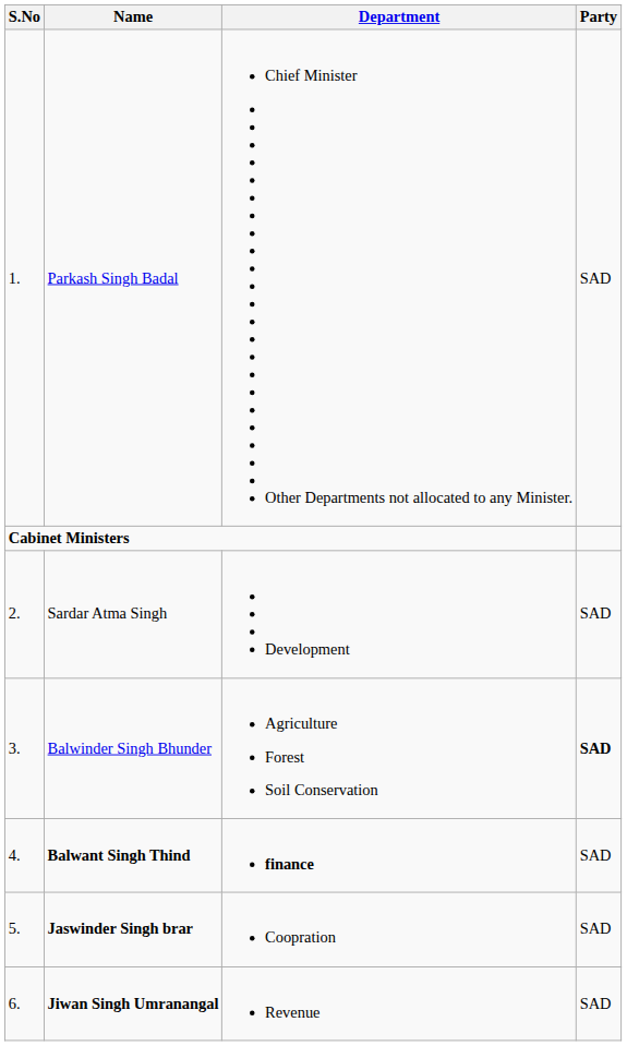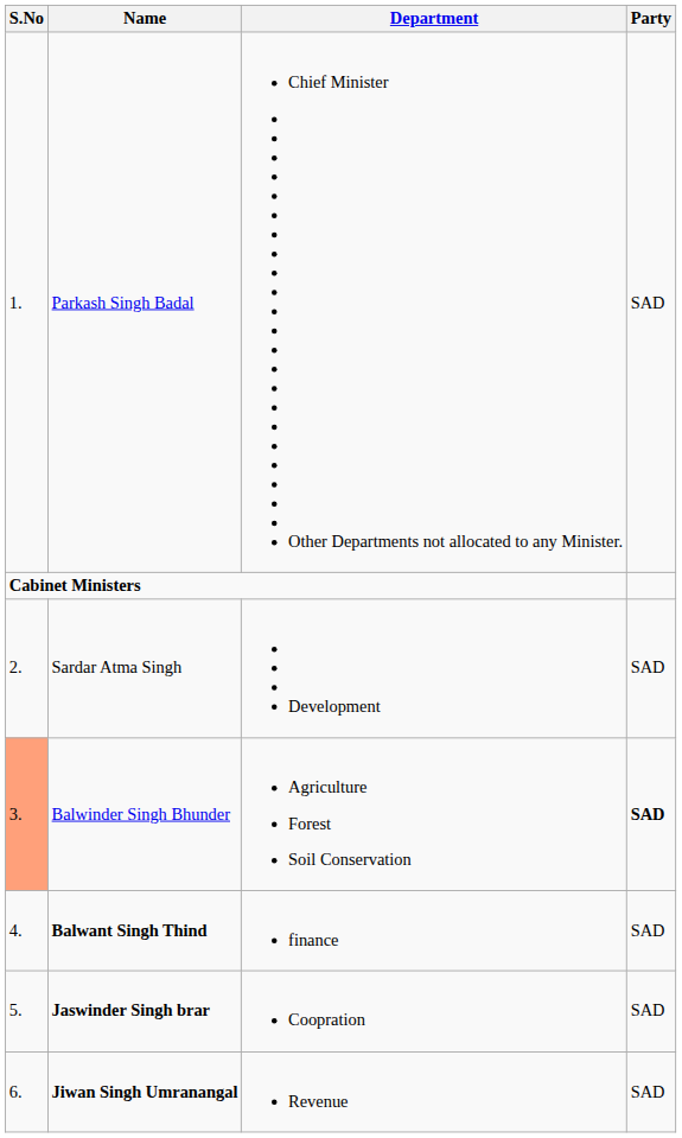 <table class="wikitable sortable">
 <tr>
 <th>S.No</th>
 <th>Name</th>
 <th><a href='#'>Department</a></th>
 <th>Party</th>
 </tr>
 <tr>
 <td>1.</td>
 <td><a href='#'>Parkash Singh Badal</a></td>
 <td><br><ul><li>Chief Minister</li></ul><ul><li></li><li></li><li></li><li></li><li></li><li></li><li></li><li></li><li></li><li></li><li></li><li></li><li></li><li></li><li></li><li></li><li></li><li></li><li></li><li></li><li></li><li></li><li>Other Departments not allocated to any Minister.</li></ul></td>
 <td>SAD</td>
 </tr>
 <tr>
 <td colspan="3"><strong>Cabinet Ministers</strong></td>
 <td></td>
 </tr>
 <tr>
 <td>2.</td>
 <td>Sardar Atma Singh</td>
 <td><br><ul><li></li><li></li><li></li><li>Development</li></ul></td>
 <td>SAD</td>
 </tr>
 <tr>
-<td>3.</td>
+<td style="background: lightsalmon;">3.</td>
 <td><a href='#'>Balwinder Singh Bhunder</a></td>
 <td><br><ul><li>Agriculture</li></ul><ul><li>Forest</li></ul><ul><li>Soil Conservation</li></ul></td>
 <td><strong>SAD</strong></td>
 </tr>
 <tr>
 <td>4.</td>
 <td><strong>Balwant Singh Thind</strong></td>
-<td><strong><br><ul><li>finance</li></ul></strong></td>
+<td><br><ul><li>finance</li></ul></td>
 <td>SAD</td>
 </tr>
 <tr>
 <td>5.</td>
 <td><strong>Jaswinder Singh brar</strong></td>
 <td><br><ul><li>Coopration</li></ul></td>
 <td>SAD</td>
 </tr>
 <tr>
 <td>6.</td>
 <td><strong>Jiwan Singh Umranangal</strong></td>
 <td><br><ul><li>Revenue</li></ul></td>
 <td>SAD</td>
 </tr>
 </table>
